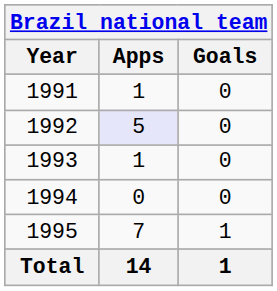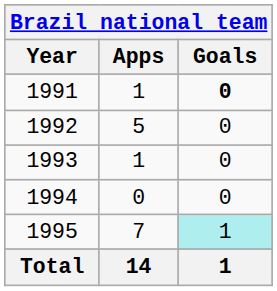 <table class="wikitable" style="text-align:center">
 <tr>
 <th colspan=3><a href='#'>Brazil national team</a></th>
 </tr>
 <tr>
 <th>Year</th>
 <th>Apps</th>
 <th>Goals</th>
 </tr>
 <tr>
 <td>1991</td>
 <td>1</td>
-<td>0</td>
+<td><strong>0</strong></td>
 </tr>
 <tr>
 <td>1992</td>
-<td style="background: lavender;">5</td>
+<td>5</td>
 <td>0</td>
 </tr>
 <tr>
 <td>1993</td>
 <td>1</td>
 <td>0</td>
 </tr>
 <tr>
 <td>1994</td>
 <td>0</td>
 <td>0</td>
 </tr>
 <tr>
 <td>1995</td>
 <td>7</td>
-<td>1</td>
+<td style="background: paleturquoise;">1</td>
 </tr>
 <tr>
 <th>Total</th>
 <th>14</th>
 <th>1</th>
 </tr>
 </table>
